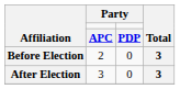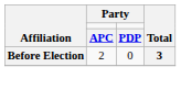 <table class=wikitable style="text-align:center">
 <tr style="vertical-align:bottom;">
 <th rowspan=3>Affiliation</th>
 <th colspan=2>Party</th>
 <th rowspan=3>Total</th>
 </tr>
 <tr>
 <td style="background-color:"></td>
 <td style="background-color:"></td>
 </tr>
 <tr>
 <th><a href='#'>APC</a></th>
 <th><a href='#'>PDP</a></th>
 </tr>
 <tr>
 <th>Before Election</th>
 <td>2</td>
 <td>0</td>
 <th>3</th>
 </tr>
 <tr>
-<th>After Election</th>
-<td>3</td>
-<td>0</td>
-<th>3</th>
-</tr>
-<tr>
 </tr>
 </table>
